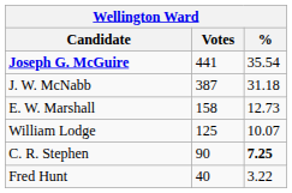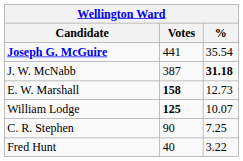 <table class="wikitable">
 <tr>
 <th colspan="3"><a href='#'>Wellington Ward</a></th>
 </tr>
 <tr>
 <th style="width: 200px">Candidate</th>
 <th style="width: 50px">Votes</th>
 <th style="width: 40px">%</th>
 </tr>
 <tr>
 <td><strong><a href='#'>Joseph G. McGuire</a></strong></td>
 <td>441</td>
 <td>35.54</td>
 </tr>
 <tr>
 <td>J. W. McNabb</td>
 <td>387</td>
-<td>31.18</td>
+<td><strong>31.18</strong></td>
 </tr>
 <tr>
 <td>E. W. Marshall</td>
-<td>158</td>
+<td><strong>158</strong></td>
 <td>12.73</td>
 </tr>
 <tr>
 <td>William Lodge</td>
-<td>125</td>
+<td><strong>125</strong></td>
 <td>10.07</td>
 </tr>
 <tr>
 <td>C. R. Stephen</td>
 <td>90</td>
-<td><strong>7.25</strong></td>
+<td>7.25</td>
 </tr>
 <tr>
 <td>Fred Hunt</td>
 <td>40</td>
 <td>3.22</td>
 </tr>
 </table>
